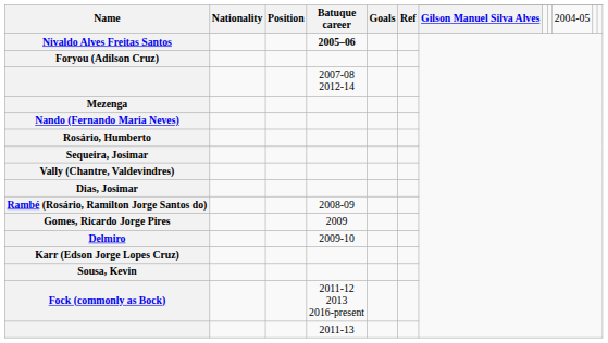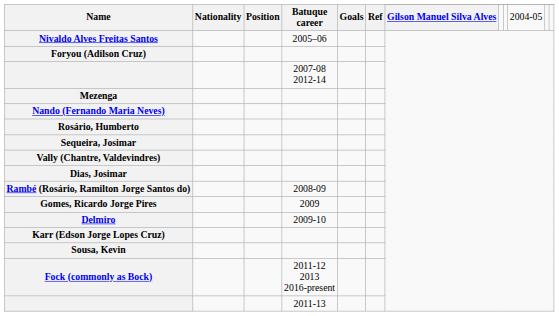 <table class="wikitable plainrowheaders sortable" style="text-align:center">
 <tr>
 <th scope="col" rowspan="2">Name</th>
 <th scope="col" rowspan="2">Nationality</th>
 <th scope="col" rowspan="2">Position</th>
 <th scope="col" rowspan="2">Batuque<br>career</th>
 <th scope="col" rowspan="2">Goals</th>
 <th scope="col" rowspan="2" class="unsortable">Ref</th>
 </tr>
 <tr>
 <th scope="row" align="left"><a href='#'><strong>Gilson</strong> Manuel Silva Alves</a></th>
 <td></td>
 <td></td>
 <td>2004-05</td>
 <td></td>
 <td></td>
 </tr>
 <tr>
 <th scope="row" align="left"><a href='#'>Nivaldo Alves Freitas Santos</a></th>
 <td></td>
 <td></td>
-<td><strong>2005–06</strong></td>
+<td>2005–06</td>
 <td></td>
 <td></td>
 </tr>
 <tr>
 <th scope="row" align="left">Foryou (Adilson Cruz)</th>
 <td></td>
 <td></td>
 <td></td>
 <td></td>
 <td></td>
 </tr>
 <tr>
 <th scope="row" align="left"></th>
 <td></td>
 <td></td>
 <td>2007-08<br>2012-14</td>
 <td></td>
 <td></td>
 </tr>
 <tr>
 <th scope="row" align="left">Mezenga</th>
 <td></td>
 <td></td>
 <td></td>
 <td></td>
 <td></td>
 </tr>
 <tr>
 <th scope="row" align="left"><a href='#'>Nando (Fernando Maria Neves)</a></th>
 <td></td>
 <td></td>
 <td></td>
 <td></td>
 <td></td>
 </tr>
 <tr>
 <th scope="row" align="left">Rosário, Humberto</th>
 <td></td>
 <td></td>
 <td></td>
 <td></td>
 <td></td>
 </tr>
 <tr>
 <th scope="row" align="left">Sequeira, Josimar</th>
 <td></td>
 <td></td>
 <td></td>
 <td></td>
 <td></td>
 </tr>
 <tr>
 <th scope="row" align="left">Vally (Chantre, Valdevindres)</th>
 <td></td>
 <td></td>
 <td></td>
 <td></td>
 <td></td>
 </tr>
 <tr>
 <th scope="row" align="left">Dias, Josimar</th>
 <td></td>
 <td></td>
 <td></td>
 <td></td>
 <td></td>
 </tr>
 <tr>
 <th scope="row" align="left"><a href='#'>Rambé</a> (Rosário, Ramilton Jorge Santos do)</th>
 <td></td>
 <td></td>
 <td>2008-09</td>
 <td></td>
 <td></td>
 </tr>
 <tr>
 <th scope="row" align="left">Gomes, Ricardo Jorge Pires</th>
 <td></td>
 <td></td>
 <td>2009</td>
 <td></td>
 <td></td>
 </tr>
 <tr>
 <th scope="row" align="left"><a href='#'>Delmiro</a></th>
 <td></td>
 <td></td>
 <td>2009-10</td>
 <td></td>
 <td></td>
 </tr>
 <tr>
 <th scope="row" align="left">Karr (Edson Jorge Lopes Cruz)</th>
 <td></td>
 <td></td>
 <td></td>
 <td></td>
 <td></td>
 </tr>
 <tr>
 <th scope="row" align="left">Sousa, Kevin</th>
 <td></td>
 <td></td>
 <td></td>
 <td></td>
 <td></td>
 </tr>
 <tr>
 <th scope="row" align="left"><a href='#'>Fock (commonly as Bock)</a></th>
 <td></td>
 <td></td>
 <td>2011-12<br>2013<br>2016-present</td>
 <td></td>
 <td></td>
 </tr>
 <tr>
 <th scope="row" align="left"></th>
 <td></td>
 <td></td>
 <td>2011-13</td>
 <td></td>
 <td></td>
 </tr>
 </table>
